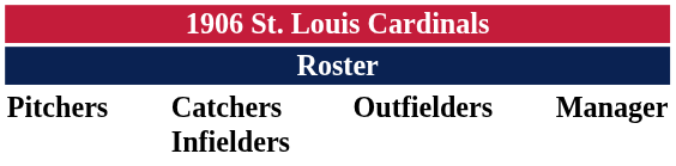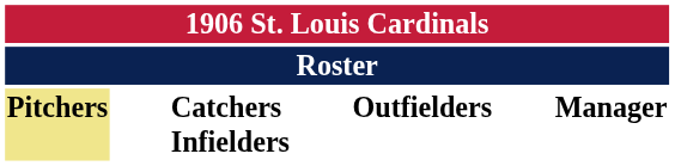 <table class="toccolours" style="font-size: 95%;">
 <tr>
 <th colspan="10" style="background-color: #c41c3a; color: white; text-align: center;">1906 St. Louis Cardinals</th>
 </tr>
 <tr>
 <td colspan="10" style="background-color: #0a2252; color: white; text-align: center;"><strong>Roster</strong></td>
 </tr>
 <tr>
-<td valign="top"><strong>Pitchers</strong><br>              </td>
+<td valign="top" style="background: khaki;"><strong>Pitchers</strong><br>              </td>
 <td width="25px"></td>
 <td valign="top"><strong>Catchers</strong><br>       <strong>Infielders</strong>         </td>
 <td width="25px"></td>
 <td valign="top"><strong>Outfielders</strong><br>         </td>
 <td width="25px"></td>
 <td valign="top"><strong>Manager</strong><br></td>
 </tr>
 </table>
